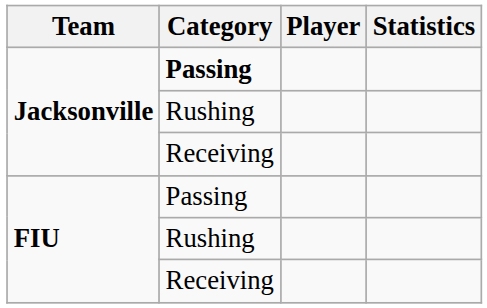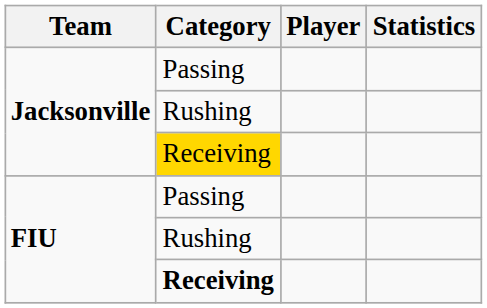 <table class="wikitable" style="float: right;">
 <tr>
 <th>Team</th>
 <th>Category</th>
 <th>Player</th>
 <th>Statistics</th>
 </tr>
 <tr>
 <td rowspan=3><strong>Jacksonville</strong></td>
-<td><strong>Passing</strong></td>
+<td>Passing</td>
 <td></td>
 <td></td>
 </tr>
 <tr>
 <td>Rushing</td>
 <td></td>
 <td></td>
 </tr>
 <tr>
-<td>Receiving</td>
+<td style="background: gold;">Receiving</td>
 <td></td>
 <td></td>
 </tr>
 <tr>
 <td rowspan=3><strong>FIU</strong></td>
 <td>Passing</td>
 <td></td>
 <td></td>
 </tr>
 <tr>
 <td>Rushing</td>
 <td></td>
 <td></td>
 </tr>
 <tr>
-<td>Receiving</td>
+<td><strong>Receiving</strong></td>
 <td></td>
 <td></td>
 </tr>
 </table>
